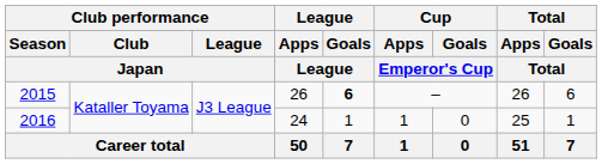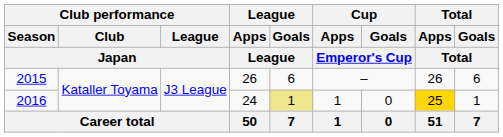 <table class="wikitable" style="text-align:center">
 <tr>
 <th colspan=3>Club performance</th>
 <th colspan=2>League</th>
 <th colspan=2>Cup</th>
 <th colspan=2>Total</th>
 </tr>
 <tr>
 <th>Season</th>
 <th>Club</th>
 <th>League</th>
 <th>Apps</th>
 <th>Goals</th>
 <th>Apps</th>
 <th>Goals</th>
 <th>Apps</th>
 <th>Goals</th>
 </tr>
 <tr>
 <th colspan=3>Japan</th>
 <th colspan=2>League</th>
 <th colspan=2><a href='#'>Emperor's Cup</a></th>
 <th colspan=2>Total</th>
 </tr>
 <tr>
 <td><a href='#'>2015</a></td>
 <td rowspan="2"><a href='#'>Kataller Toyama</a></td>
 <td rowspan="2"><a href='#'>J3 League</a></td>
 <td>26</td>
-<td><strong>6</strong></td>
+<td>6</td>
 <td colspan="2">–</td>
 <td>26</td>
 <td>6</td>
 </tr>
 <tr>
 <td><a href='#'>2016</a></td>
 <td>24</td>
-<td>1</td>
+<td style="background: khaki;">1</td>
 <td>1</td>
 <td>0</td>
-<td>25</td>
+<td style="background: gold;">25</td>
 <td>1</td>
 </tr>
 <tr>
 <th colspan=3>Career total</th>
 <th>50</th>
 <th>7</th>
 <th>1</th>
 <th>0</th>
 <th>51</th>
 <th>7</th>
 </tr>
 </table>
